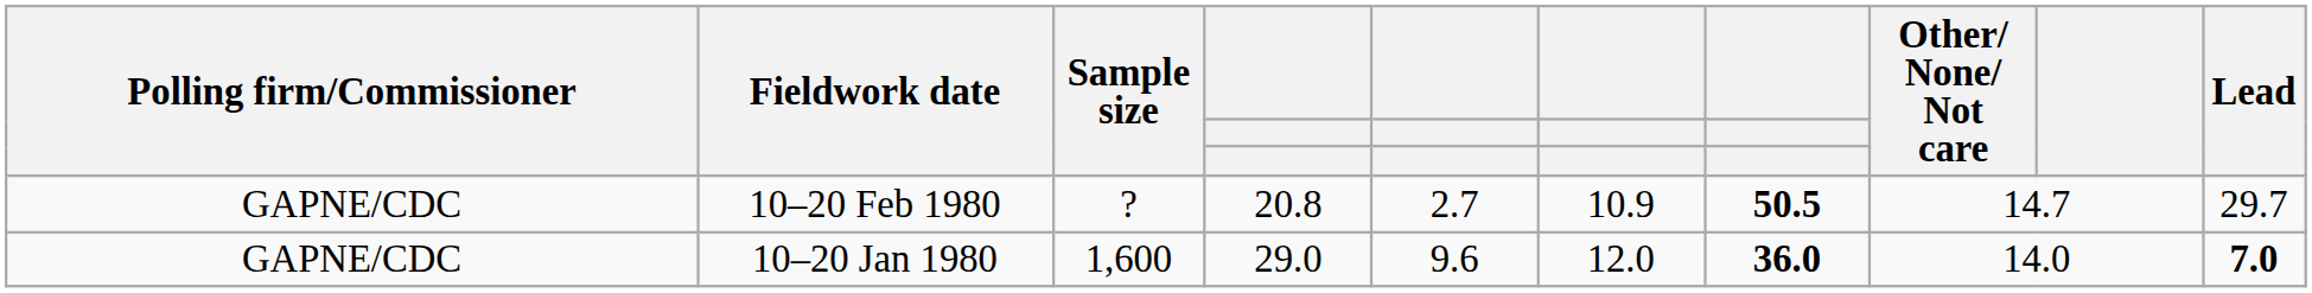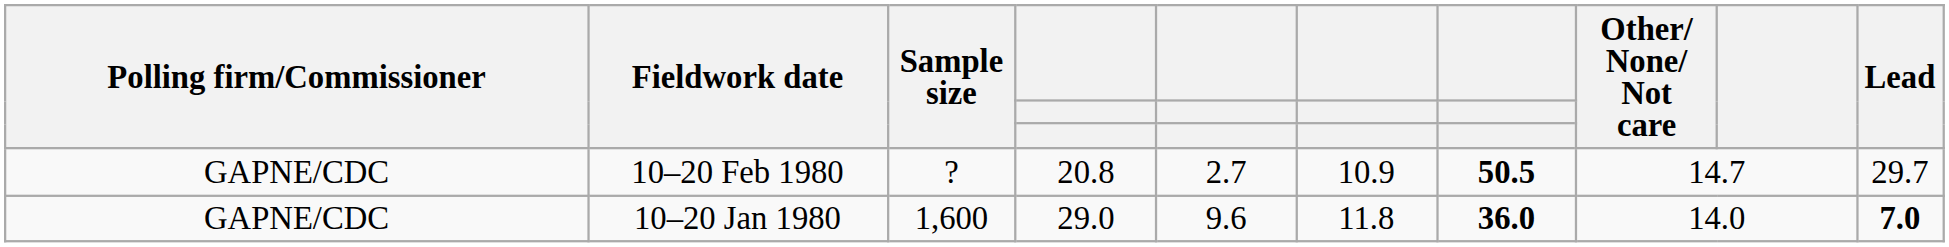 <table class="wikitable collapsible collapsed" style="text-align:center; font-size:90%; line-height:14px;">
 <tr style="height:42px;">
 <th style="width:250px;" rowspan="3">Polling firm/Commissioner</th>
 <th style="width:125px;" rowspan="3">Fieldwork date</th>
 <th style="width:50px;" rowspan="3">Sample size</th>
 <th style="width:55px;"></th>
 <th style="width:55px;"></th>
 <th style="width:55px;"></th>
 <th style="width:55px;"></th>
 <th style="width:55px;" rowspan="3">Other/<br>None/<br>Not<br>care</th>
 <th style="width:55px;" rowspan="3"></th>
 <th style="width:30px;" rowspan="3">Lead</th>
 </tr>
 <tr>
 <th style="color:inherit;background:"></th>
 <th style="color:inherit;background:"></th>
 <th style="color:inherit;background:"></th>
 <th style="color:inherit;background:"></th>
 </tr>
 <tr>
 <th></th>
 <th></th>
 <th></th>
 <th></th>
 </tr>
 <tr>
 <td>GAPNE/CDC</td>
 <td>10–20 Feb 1980</td>
 <td>?</td>
 <td>20.8</td>
 <td>2.7</td>
 <td>10.9</td>
 <td><strong>50.5</strong></td>
 <td colspan="2">14.7</td>
 <td style="background:">29.7</td>
 </tr>
 <tr>
 <td>GAPNE/CDC</td>
 <td>10–20 Jan 1980</td>
 <td>1,600</td>
 <td>29.0</td>
 <td>9.6</td>
-<td>12.0</td>
+<td>11.8</td>
 <td><strong>36.0</strong></td>
 <td colspan="2">14.0</td>
 <td style="background:"><strong>7.0</strong></td>
 </tr>
 </table>
